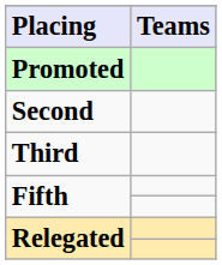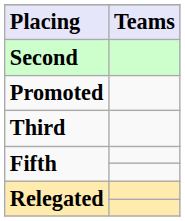 <table class=wikitable>
 <tr>
 </tr>
 <tr style="background: #E6E6FA;">
 <td><strong>Placing</strong></td>
 <td><strong>Teams</strong></td>
 </tr>
 <tr style="background: #ccffcc;">
-<td><strong>Promoted</strong></td>
+<td><strong>Second</strong></td>
 <td><strong></strong></td>
 </tr>
 <tr>
-<td><strong>Second</strong></td>
+<td><strong>Promoted</strong></td>
 <td></td>
 </tr>
 <tr>
 <td><strong>Third</strong></td>
 <td></td>
 </tr>
 <tr>
 <td rowspan="2"><strong>Fifth</strong></td>
 <td></td>
 </tr>
 <tr>
 <td></td>
 </tr>
 <tr style="background: #ffebad;">
 <td rowspan="2"><strong>Relegated</strong></td>
 <td></td>
 </tr>
 <tr style="background: #ffebad;">
 <td></td>
 </tr>
 </table>
